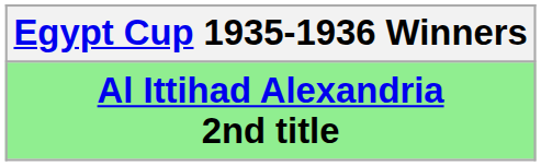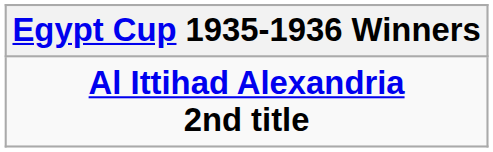 <table class="wikitable" style="text-align: center; margin: 0 auto;">
 <tr>
 <th><a href='#'>Egypt Cup</a> 1935-1936 Winners</th>
 </tr>
 <tr>
-<td style="background: lightgreen;"><strong><a href='#'>Al Ittihad Alexandria</a></strong><br><strong>2nd title</strong></td>
+<td><strong><a href='#'>Al Ittihad Alexandria</a></strong><br><strong>2nd title</strong></td>
 </tr>
 </table>
